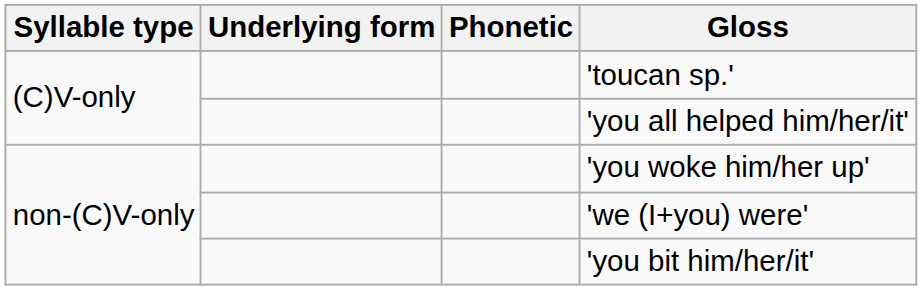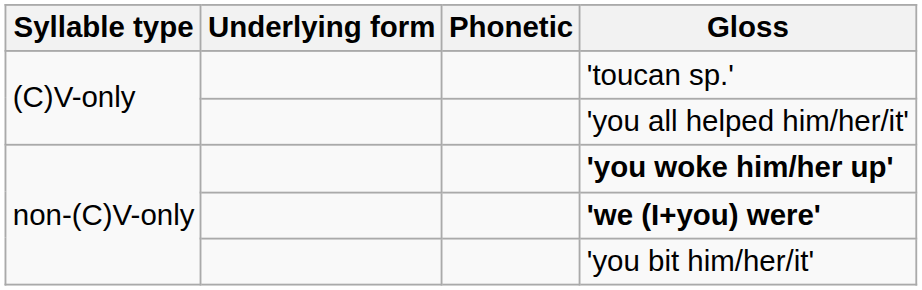 <table class="wikitable" style="margin: 1em auto;">
 <tr>
 <th>Syllable type</th>
 <th>Underlying form</th>
 <th>Phonetic</th>
 <th>Gloss</th>
 </tr>
 <tr>
 <td rowspan="2">(C)V-only</td>
 <td></td>
 <td></td>
 <td>'toucan sp.'</td>
 </tr>
 <tr>
 <td></td>
 <td></td>
 <td>'you all helped him/her/it'</td>
 </tr>
 <tr>
 <td rowspan="3">non-(C)V-only</td>
 <td></td>
 <td></td>
-<td>'you woke him/her up'</td>
+<td><strong>'you woke him/her up'</strong></td>
 </tr>
 <tr>
 <td></td>
 <td></td>
-<td>'we (I+you) were'</td>
+<td><strong>'we (I+you) were'</strong></td>
 </tr>
 <tr>
 <td></td>
 <td></td>
 <td>'you bit him/her/it'</td>
 </tr>
 </table>
